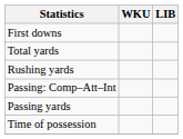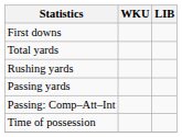 <table class="wikitable" style="float: left;">
 <tr>
 <th>Statistics</th>
 <th>WKU</th>
 <th>LIB</th>
 </tr>
 <tr>
 <td>First downs</td>
 <td></td>
 <td></td>
 </tr>
 <tr>
 <td>Total yards</td>
 <td></td>
 <td></td>
 </tr>
 <tr>
 <td>Rushing yards</td>
 <td></td>
 <td></td>
 </tr>
 <tr>
-<td>Passing: Comp–Att–Int</td>
+<td>Passing yards</td>
 <td></td>
 <td></td>
 </tr>
 <tr>
-<td>Passing yards</td>
+<td>Passing: Comp–Att–Int</td>
 <td></td>
 <td></td>
 </tr>
 <tr>
 <td>Time of possession</td>
 <td></td>
 <td></td>
 </tr>
 <tr>
 </tr>
 </table>
